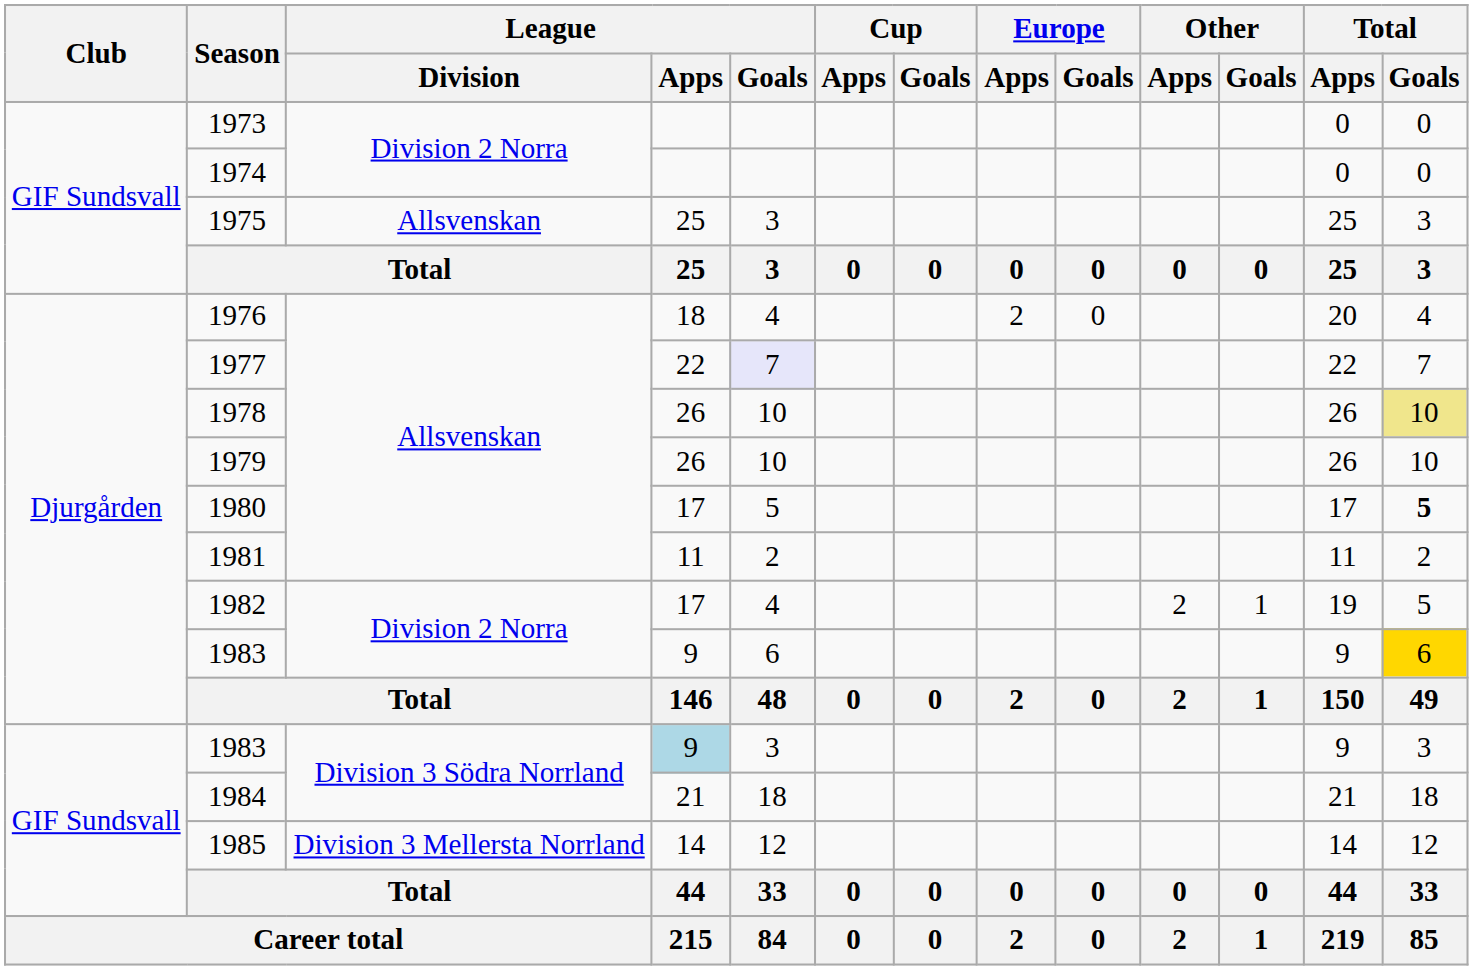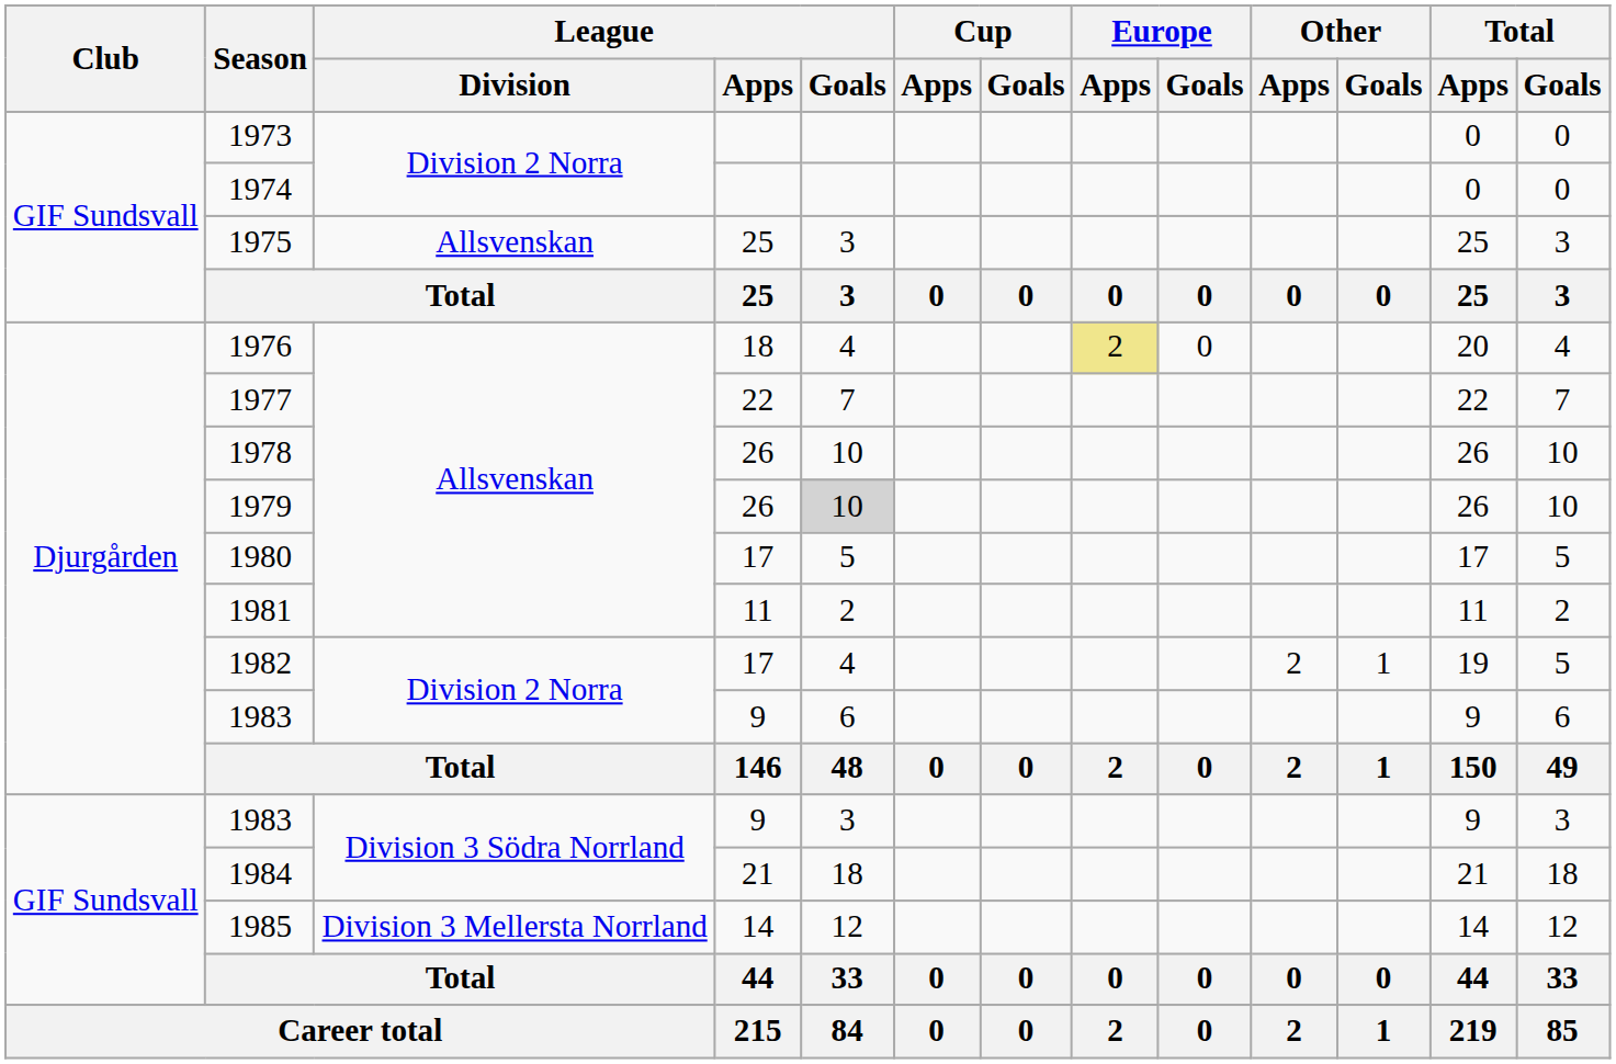 <table class="wikitable" style="font-size:90%; text-align:center">
 <tr>
 <th rowspan="2">Club</th>
 <th rowspan="2">Season</th>
 <th colspan="3">League</th>
 <th colspan="2">Cup</th>
 <th colspan="2"><a href='#'>Europe</a></th>
 <th colspan="2">Other</th>
 <th colspan="2">Total</th>
 </tr>
 <tr>
 <th>Division</th>
 <th>Apps</th>
 <th>Goals</th>
 <th>Apps</th>
 <th>Goals</th>
 <th>Apps</th>
 <th>Goals</th>
 <th>Apps</th>
 <th>Goals</th>
 <th>Apps</th>
 <th>Goals</th>
 </tr>
 <tr>
 <td rowspan="4"><a href='#'>GIF Sundsvall</a></td>
 <td>1973</td>
 <td rowspan="2"><a href='#'>Division 2 Norra</a></td>
 <td></td>
 <td></td>
 <td></td>
 <td></td>
 <td></td>
 <td></td>
 <td></td>
 <td></td>
 <td>0</td>
 <td>0</td>
 </tr>
 <tr>
 <td>1974</td>
 <td></td>
 <td></td>
 <td></td>
 <td></td>
 <td></td>
 <td></td>
 <td></td>
 <td></td>
 <td>0</td>
 <td>0</td>
 </tr>
 <tr>
 <td>1975</td>
 <td><a href='#'>Allsvenskan</a></td>
 <td>25</td>
 <td>3</td>
 <td></td>
 <td></td>
 <td></td>
 <td></td>
 <td></td>
 <td></td>
 <td>25</td>
 <td>3</td>
 </tr>
 <tr>
 <th colspan="2">Total</th>
 <th>25</th>
 <th>3</th>
 <th>0</th>
 <th>0</th>
 <th>0</th>
 <th>0</th>
 <th>0</th>
 <th>0</th>
 <th>25</th>
 <th>3</th>
 </tr>
 <tr>
 <td rowspan="9"><a href='#'>Djurgården</a></td>
 <td>1976</td>
 <td rowspan="6"><a href='#'>Allsvenskan</a></td>
 <td>18</td>
 <td>4</td>
 <td></td>
 <td></td>
-<td>2</td>
+<td style="background: khaki;">2</td>
 <td>0</td>
 <td></td>
 <td></td>
 <td>20</td>
 <td>4</td>
 </tr>
 <tr>
 <td>1977</td>
 <td>22</td>
-<td style="background: lavender;">7</td>
+<td>7</td>
 <td></td>
 <td></td>
 <td></td>
 <td></td>
 <td></td>
 <td></td>
 <td>22</td>
 <td>7</td>
 </tr>
 <tr>
 <td>1978</td>
 <td>26</td>
 <td>10</td>
 <td></td>
 <td></td>
 <td></td>
 <td></td>
 <td></td>
 <td></td>
 <td>26</td>
-<td style="background: khaki;">10</td>
+<td>10</td>
 </tr>
 <tr>
 <td>1979</td>
 <td>26</td>
-<td>10</td>
+<td style="background: lightgrey;">10</td>
 <td></td>
 <td></td>
 <td></td>
 <td></td>
 <td></td>
 <td></td>
 <td>26</td>
 <td>10</td>
 </tr>
 <tr>
 <td>1980</td>
 <td>17</td>
 <td>5</td>
 <td></td>
 <td></td>
 <td></td>
 <td></td>
 <td></td>
 <td></td>
 <td>17</td>
-<td><strong>5</strong></td>
+<td>5</td>
 </tr>
 <tr>
 <td>1981</td>
 <td>11</td>
 <td>2</td>
 <td></td>
 <td></td>
 <td></td>
 <td></td>
 <td></td>
 <td></td>
 <td>11</td>
 <td>2</td>
 </tr>
 <tr>
 <td>1982</td>
 <td rowspan="2"><a href='#'>Division 2 Norra</a></td>
 <td>17</td>
 <td>4</td>
 <td></td>
 <td></td>
 <td></td>
 <td></td>
 <td>2</td>
 <td>1</td>
 <td>19</td>
 <td>5</td>
 </tr>
 <tr>
 <td>1983</td>
 <td>9</td>
 <td>6</td>
 <td></td>
 <td></td>
 <td></td>
 <td></td>
 <td></td>
 <td></td>
 <td>9</td>
-<td style="background: gold;">6</td>
+<td>6</td>
 </tr>
 <tr>
 <th colspan="2">Total</th>
 <th>146</th>
 <th>48</th>
 <th>0</th>
 <th>0</th>
 <th>2</th>
 <th>0</th>
 <th>2</th>
 <th>1</th>
 <th>150</th>
 <th>49</th>
 </tr>
 <tr>
 <td rowspan="4"><a href='#'>GIF Sundsvall</a></td>
 <td>1983</td>
 <td rowspan="2"><a href='#'>Division 3 Södra Norrland</a></td>
-<td style="background: lightblue;">9</td>
+<td>9</td>
 <td>3</td>
 <td></td>
 <td></td>
 <td></td>
 <td></td>
 <td></td>
 <td></td>
 <td>9</td>
 <td>3</td>
 </tr>
 <tr>
 <td>1984</td>
 <td>21</td>
 <td>18</td>
 <td></td>
 <td></td>
 <td></td>
 <td></td>
 <td></td>
 <td></td>
 <td>21</td>
 <td>18</td>
 </tr>
 <tr>
 <td>1985</td>
 <td><a href='#'>Division 3 Mellersta Norrland</a></td>
 <td>14</td>
 <td>12</td>
 <td></td>
 <td></td>
 <td></td>
 <td></td>
 <td></td>
 <td></td>
 <td>14</td>
 <td>12</td>
 </tr>
 <tr>
 <th colspan="2">Total</th>
 <th>44</th>
 <th>33</th>
 <th>0</th>
 <th>0</th>
 <th>0</th>
 <th>0</th>
 <th>0</th>
 <th>0</th>
 <th>44</th>
 <th>33</th>
 </tr>
 <tr>
 <th colspan="3">Career total</th>
 <th>215</th>
 <th>84</th>
 <th>0</th>
 <th>0</th>
 <th>2</th>
 <th>0</th>
 <th>2</th>
 <th>1</th>
 <th>219</th>
 <th>85</th>
 </tr>
 </table>
